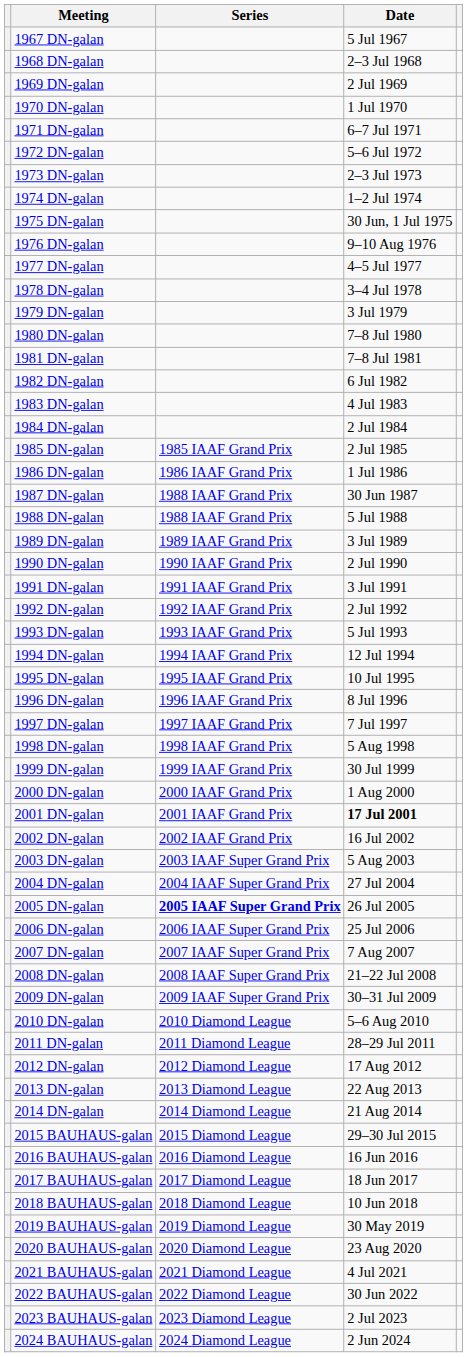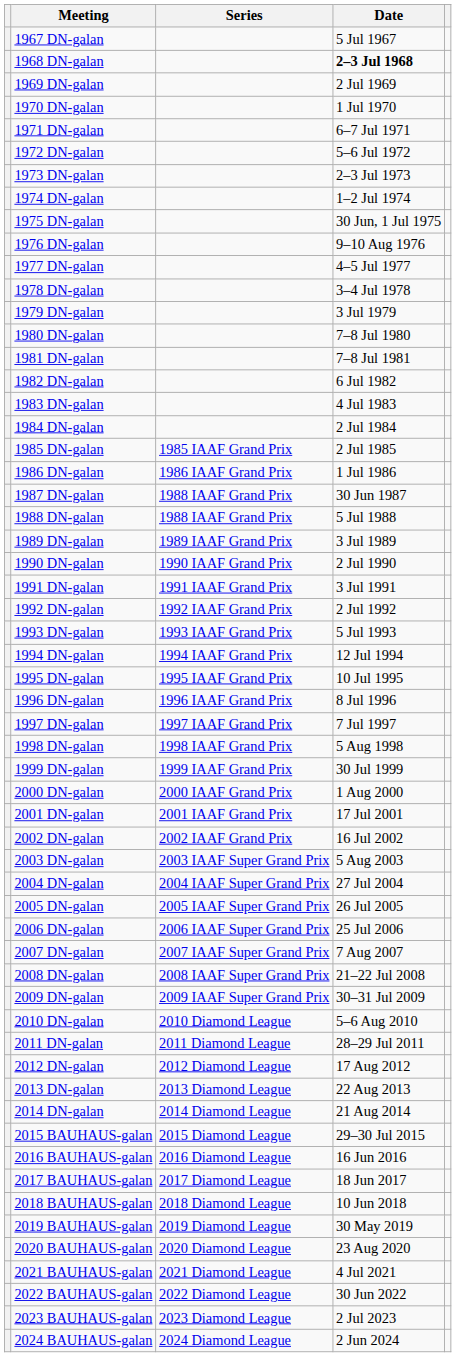 <table class="wikitable plainrowheaders sticky-header defaultleft col4right">
 <tr>
 <th scope="col"></th>
 <th scope="col">Meeting</th>
 <th scope="col">Series</th>
 <th scope="col">Date</th>
 <th scope="col"></th>
 </tr>
 <tr>
 <th scope="row"></th>
 <td><a href='#'>1967 DN-galan</a></td>
 <td></td>
 <td>5 Jul 1967</td>
 <td></td>
 </tr>
 <tr>
 <th scope="row"></th>
 <td><a href='#'>1968 DN-galan</a></td>
 <td></td>
-<td>2–3 Jul 1968</td>
+<td><strong>2–3 Jul 1968</strong></td>
 <td></td>
 </tr>
 <tr>
 <th scope="row"></th>
 <td><a href='#'>1969 DN-galan</a></td>
 <td></td>
 <td>2 Jul 1969</td>
 <td></td>
 </tr>
 <tr>
 <th scope="row"></th>
 <td><a href='#'>1970 DN-galan</a></td>
 <td></td>
 <td>1 Jul 1970</td>
 <td></td>
 </tr>
 <tr>
 <th scope="row"></th>
 <td><a href='#'>1971 DN-galan</a></td>
 <td></td>
 <td>6–7 Jul 1971</td>
 <td></td>
 </tr>
 <tr>
 <th scope="row"></th>
 <td><a href='#'>1972 DN-galan</a></td>
 <td></td>
 <td>5–6 Jul 1972</td>
 <td></td>
 </tr>
 <tr>
 <th scope="row"></th>
 <td><a href='#'>1973 DN-galan</a></td>
 <td></td>
 <td>2–3 Jul 1973</td>
 <td></td>
 </tr>
 <tr>
 <th scope="row"></th>
 <td><a href='#'>1974 DN-galan</a></td>
 <td></td>
 <td>1–2 Jul 1974</td>
 <td></td>
 </tr>
 <tr>
 <th scope="row"></th>
 <td><a href='#'>1975 DN-galan</a></td>
 <td></td>
 <td>30 Jun, 1 Jul 1975</td>
 <td></td>
 </tr>
 <tr>
 <th scope="row"></th>
 <td><a href='#'>1976 DN-galan</a></td>
 <td></td>
 <td>9–10 Aug 1976</td>
 <td></td>
 </tr>
 <tr>
 <th scope="row"></th>
 <td><a href='#'>1977 DN-galan</a></td>
 <td></td>
 <td>4–5 Jul 1977</td>
 <td></td>
 </tr>
 <tr>
 <th scope="row"></th>
 <td><a href='#'>1978 DN-galan</a></td>
 <td></td>
 <td>3–4 Jul 1978</td>
 <td></td>
 </tr>
 <tr>
 <th scope="row"></th>
 <td><a href='#'>1979 DN-galan</a></td>
 <td></td>
 <td>3 Jul 1979</td>
 <td></td>
 </tr>
 <tr>
 <th scope="row"></th>
 <td><a href='#'>1980 DN-galan</a></td>
 <td></td>
 <td>7–8 Jul 1980</td>
 <td></td>
 </tr>
 <tr>
 <th scope="row"></th>
 <td><a href='#'>1981 DN-galan</a></td>
 <td></td>
 <td>7–8 Jul 1981</td>
 <td></td>
 </tr>
 <tr>
 <th scope="row"></th>
 <td><a href='#'>1982 DN-galan</a></td>
 <td></td>
 <td>6 Jul 1982</td>
 <td></td>
 </tr>
 <tr>
 <th scope="row"></th>
 <td><a href='#'>1983 DN-galan</a></td>
 <td></td>
 <td>4 Jul 1983</td>
 <td></td>
 </tr>
 <tr>
 <th scope="row"></th>
 <td><a href='#'>1984 DN-galan</a></td>
 <td></td>
 <td>2 Jul 1984</td>
 <td></td>
 </tr>
 <tr>
 <th scope="row"></th>
 <td><a href='#'>1985 DN-galan</a></td>
 <td><a href='#'>1985 IAAF Grand Prix</a></td>
 <td>2 Jul 1985</td>
 <td></td>
 </tr>
 <tr>
 <th scope="row"></th>
 <td><a href='#'>1986 DN-galan</a></td>
 <td><a href='#'>1986 IAAF Grand Prix</a></td>
 <td>1 Jul 1986</td>
 <td></td>
 </tr>
 <tr>
 <th scope="row"></th>
 <td><a href='#'>1987 DN-galan</a></td>
 <td><a href='#'>1988 IAAF Grand Prix</a></td>
 <td>30 Jun 1987</td>
 <td></td>
 </tr>
 <tr>
 <th scope="row"></th>
 <td><a href='#'>1988 DN-galan</a></td>
 <td><a href='#'>1988 IAAF Grand Prix</a></td>
 <td>5 Jul 1988</td>
 <td></td>
 </tr>
 <tr>
 <th scope="row"></th>
 <td><a href='#'>1989 DN-galan</a></td>
 <td><a href='#'>1989 IAAF Grand Prix</a></td>
 <td>3 Jul 1989</td>
 <td></td>
 </tr>
 <tr>
 <th scope="row"></th>
 <td><a href='#'>1990 DN-galan</a></td>
 <td><a href='#'>1990 IAAF Grand Prix</a></td>
 <td>2 Jul 1990</td>
 <td></td>
 </tr>
 <tr>
 <th scope="row"></th>
 <td><a href='#'>1991 DN-galan</a></td>
 <td><a href='#'>1991 IAAF Grand Prix</a></td>
 <td>3 Jul 1991</td>
 <td></td>
 </tr>
 <tr>
 <th scope="row"></th>
 <td><a href='#'>1992 DN-galan</a></td>
 <td><a href='#'>1992 IAAF Grand Prix</a></td>
 <td>2 Jul 1992</td>
 <td></td>
 </tr>
 <tr>
 <th scope="row"></th>
 <td><a href='#'>1993 DN-galan</a></td>
 <td><a href='#'>1993 IAAF Grand Prix</a></td>
 <td>5 Jul 1993</td>
 <td></td>
 </tr>
 <tr>
 <th scope="row"></th>
 <td><a href='#'>1994 DN-galan</a></td>
 <td><a href='#'>1994 IAAF Grand Prix</a></td>
 <td>12 Jul 1994</td>
 <td></td>
 </tr>
 <tr>
 <th scope="row"></th>
 <td><a href='#'>1995 DN-galan</a></td>
 <td><a href='#'>1995 IAAF Grand Prix</a></td>
 <td>10 Jul 1995</td>
 <td></td>
 </tr>
 <tr>
 <th scope="row"></th>
 <td><a href='#'>1996 DN-galan</a></td>
 <td><a href='#'>1996 IAAF Grand Prix</a></td>
 <td>8 Jul 1996</td>
 <td></td>
 </tr>
 <tr>
 <th scope="row"></th>
 <td><a href='#'>1997 DN-galan</a></td>
 <td><a href='#'>1997 IAAF Grand Prix</a></td>
 <td>7 Jul 1997</td>
 <td></td>
 </tr>
 <tr>
 <th scope="row"></th>
 <td><a href='#'>1998 DN-galan</a></td>
 <td><a href='#'>1998 IAAF Grand Prix</a></td>
 <td>5 Aug 1998</td>
 <td></td>
 </tr>
 <tr>
 <th scope="row"></th>
 <td><a href='#'>1999 DN-galan</a></td>
 <td><a href='#'>1999 IAAF Grand Prix</a></td>
 <td>30 Jul 1999</td>
 <td></td>
 </tr>
 <tr>
 <th scope="row"></th>
 <td><a href='#'>2000 DN-galan</a></td>
 <td><a href='#'>2000 IAAF Grand Prix</a></td>
 <td>1 Aug 2000</td>
 <td></td>
 </tr>
 <tr>
 <th scope="row"></th>
 <td><a href='#'>2001 DN-galan</a></td>
 <td><a href='#'>2001 IAAF Grand Prix</a></td>
-<td><strong>17 Jul 2001</strong></td>
+<td>17 Jul 2001</td>
 <td></td>
 </tr>
 <tr>
 <th scope="row"></th>
 <td><a href='#'>2002 DN-galan</a></td>
 <td><a href='#'>2002 IAAF Grand Prix</a></td>
 <td>16 Jul 2002</td>
 <td></td>
 </tr>
 <tr>
 <th scope="row"></th>
 <td><a href='#'>2003 DN-galan</a></td>
 <td><a href='#'>2003 IAAF Super Grand Prix</a></td>
 <td>5 Aug 2003</td>
 <td></td>
 </tr>
 <tr>
 <th scope="row"></th>
 <td><a href='#'>2004 DN-galan</a></td>
 <td><a href='#'>2004 IAAF Super Grand Prix</a></td>
 <td>27 Jul 2004</td>
 <td></td>
 </tr>
 <tr>
 <th scope="row"></th>
 <td><a href='#'>2005 DN-galan</a></td>
-<td><strong><a href='#'>2005 IAAF Super Grand Prix</a></strong></td>
+<td><a href='#'>2005 IAAF Super Grand Prix</a></td>
 <td>26 Jul 2005</td>
 <td></td>
 </tr>
 <tr>
 <th scope="row"></th>
 <td><a href='#'>2006 DN-galan</a></td>
 <td><a href='#'>2006 IAAF Super Grand Prix</a></td>
 <td>25 Jul 2006</td>
 <td></td>
 </tr>
 <tr>
 <th scope="row"></th>
 <td><a href='#'>2007 DN-galan</a></td>
 <td><a href='#'>2007 IAAF Super Grand Prix</a></td>
 <td>7 Aug 2007</td>
 <td></td>
 </tr>
 <tr>
 <th scope="row"></th>
 <td><a href='#'>2008 DN-galan</a></td>
 <td><a href='#'>2008 IAAF Super Grand Prix</a></td>
 <td>21–22 Jul 2008</td>
 <td></td>
 </tr>
 <tr>
 <th scope="row"></th>
 <td><a href='#'>2009 DN-galan</a></td>
 <td><a href='#'>2009 IAAF Super Grand Prix</a></td>
 <td>30–31 Jul 2009</td>
 <td></td>
 </tr>
 <tr>
 <th scope="row"></th>
 <td><a href='#'>2010 DN-galan</a></td>
 <td><a href='#'>2010 Diamond League</a></td>
 <td>5–6 Aug 2010</td>
 <td></td>
 </tr>
 <tr>
 <th scope="row"></th>
 <td><a href='#'>2011 DN-galan</a></td>
 <td><a href='#'>2011 Diamond League</a></td>
 <td>28–29 Jul 2011</td>
 <td></td>
 </tr>
 <tr>
 <th scope="row"></th>
 <td><a href='#'>2012 DN-galan</a></td>
 <td><a href='#'>2012 Diamond League</a></td>
 <td>17 Aug 2012</td>
 <td></td>
 </tr>
 <tr>
 <th scope="row"></th>
 <td><a href='#'>2013 DN-galan</a></td>
 <td><a href='#'>2013 Diamond League</a></td>
 <td>22 Aug 2013</td>
 <td></td>
 </tr>
 <tr>
 <th scope="row"></th>
 <td><a href='#'>2014 DN-galan</a></td>
 <td><a href='#'>2014 Diamond League</a></td>
 <td>21 Aug 2014</td>
 <td></td>
 </tr>
 <tr>
 <th scope="row"></th>
 <td><a href='#'>2015 BAUHAUS-galan</a></td>
 <td><a href='#'>2015 Diamond League</a></td>
 <td>29–30 Jul 2015</td>
 <td></td>
 </tr>
 <tr>
 <th scope="row"></th>
 <td><a href='#'>2016 BAUHAUS-galan</a></td>
 <td><a href='#'>2016 Diamond League</a></td>
 <td>16 Jun 2016</td>
 <td></td>
 </tr>
 <tr>
 <th scope="row"></th>
 <td><a href='#'>2017 BAUHAUS-galan</a></td>
 <td><a href='#'>2017 Diamond League</a></td>
 <td>18 Jun 2017</td>
 <td></td>
 </tr>
 <tr>
 <th scope="row"></th>
 <td><a href='#'>2018 BAUHAUS-galan</a></td>
 <td><a href='#'>2018 Diamond League</a></td>
 <td>10 Jun 2018</td>
 <td></td>
 </tr>
 <tr>
 <th scope="row"></th>
 <td><a href='#'>2019 BAUHAUS-galan</a></td>
 <td><a href='#'>2019 Diamond League</a></td>
 <td>30 May 2019</td>
 <td></td>
 </tr>
 <tr>
 <th scope="row"></th>
 <td><a href='#'>2020 BAUHAUS-galan</a></td>
 <td><a href='#'>2020 Diamond League</a></td>
 <td>23 Aug 2020</td>
 <td></td>
 </tr>
 <tr>
 <th scope="row"></th>
 <td><a href='#'>2021 BAUHAUS-galan</a></td>
 <td><a href='#'>2021 Diamond League</a></td>
 <td>4 Jul 2021</td>
 <td></td>
 </tr>
 <tr>
 <th scope="row"></th>
 <td><a href='#'>2022 BAUHAUS-galan</a></td>
 <td><a href='#'>2022 Diamond League</a></td>
 <td>30 Jun 2022</td>
 <td></td>
 </tr>
 <tr>
 <th scope="row"></th>
 <td><a href='#'>2023 BAUHAUS-galan</a></td>
 <td><a href='#'>2023 Diamond League</a></td>
 <td>2 Jul 2023</td>
 <td></td>
 </tr>
 <tr>
 <th scope="row"></th>
 <td><a href='#'>2024 BAUHAUS-galan</a></td>
 <td><a href='#'>2024 Diamond League</a></td>
 <td>2 Jun 2024</td>
 <td></td>
 </tr>
 </table>
